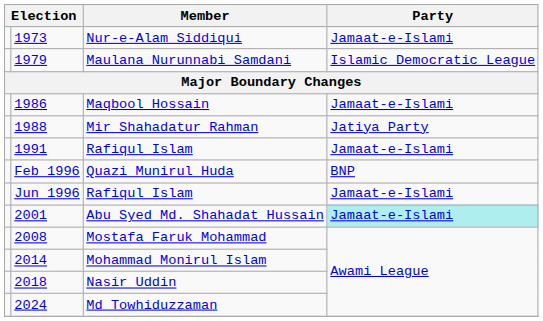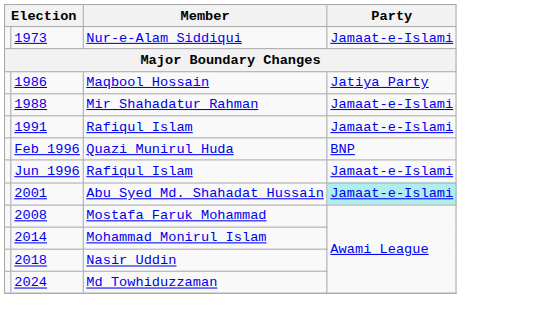 <table class="wikitable">
 <tr>
 <th colspan="2">Election</th>
 <th>Member</th>
 <th>Party</th>
 </tr>
 <tr>
 <td style="background-color:"></td>
 <td><a href='#'>1973</a></td>
 <td><a href='#'>Nur-e-Alam Siddiqui</a></td>
 <td><a href='#'>Jamaat-e-Islami</a></td>
 </tr>
 <tr>
-<td style="background-color:"></td>
-<td><a href='#'>1979</a></td>
-<td><a href='#'>Maulana Nurunnabi Samdani</a></td>
-<td><a href='#'>Islamic Democratic League</a></td>
-</tr>
-<tr>
 <th colspan="4">Major Boundary Changes</th>
 </tr>
 <tr>
 <td style="background-color:"></td>
 <td><a href='#'>1986</a></td>
 <td><a href='#'>Maqbool Hossain</a></td>
-<td><a href='#'>Jamaat-e-Islami</a></td>
+<td><a href='#'>Jatiya Party</a></td>
 </tr>
 <tr>
 <td style="background-color:"></td>
 <td><a href='#'>1988</a></td>
 <td><a href='#'>Mir Shahadatur Rahman</a></td>
-<td><a href='#'>Jatiya Party</a></td>
+<td><a href='#'>Jamaat-e-Islami</a></td>
 </tr>
 <tr>
 <td style="background-color:"></td>
 <td><a href='#'>1991</a></td>
 <td><a href='#'>Rafiqul Islam</a></td>
 <td><a href='#'>Jamaat-e-Islami</a></td>
 </tr>
 <tr>
 <td style="background-color:"></td>
 <td><a href='#'>Feb 1996</a></td>
 <td><a href='#'>Quazi Munirul Huda</a></td>
 <td><a href='#'>BNP</a></td>
 </tr>
 <tr>
 <td style="background-color:"></td>
 <td><a href='#'>Jun 1996</a></td>
 <td><a href='#'>Rafiqul Islam</a></td>
 <td><a href='#'>Jamaat-e-Islami</a></td>
 </tr>
 <tr>
 <td style="background-color:"></td>
 <td><a href='#'>2001</a></td>
 <td><a href='#'>Abu Syed Md. Shahadat Hussain</a></td>
 <td style="background: paleturquoise;"><a href='#'>Jamaat-e-Islami</a></td>
 </tr>
 <tr>
 <td style="background-color:"></td>
 <td><a href='#'>2008</a></td>
 <td><a href='#'>Mostafa Faruk Mohammad</a></td>
 <td rowspan="4"><a href='#'>Awami League</a></td>
 </tr>
 <tr>
 <td style="background-color:"></td>
 <td><a href='#'>2014</a></td>
 <td><a href='#'>Mohammad Monirul Islam</a></td>
 </tr>
 <tr>
 <td style="background-color:"></td>
 <td><a href='#'>2018</a></td>
 <td><a href='#'>Nasir Uddin</a></td>
 </tr>
 <tr>
 <td style="background-color:"></td>
 <td><a href='#'>2024</a></td>
 <td><a href='#'>Md Towhiduzzaman</a></td>
 </tr>
 <tr>
 </tr>
 </table>
